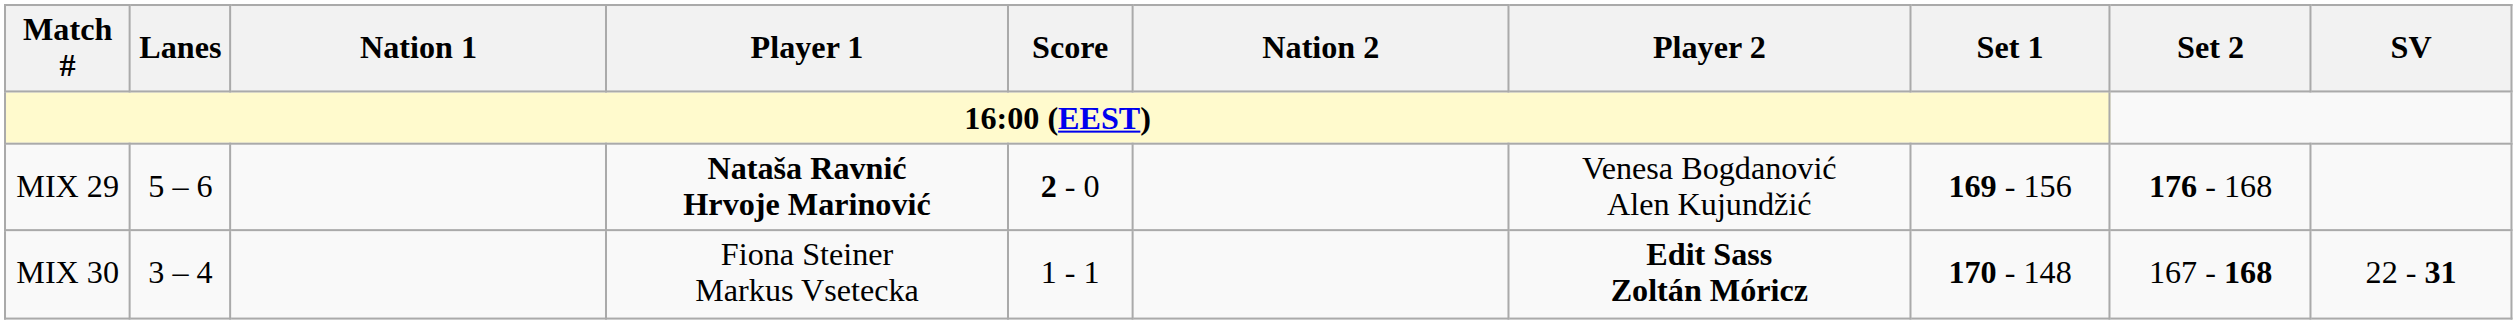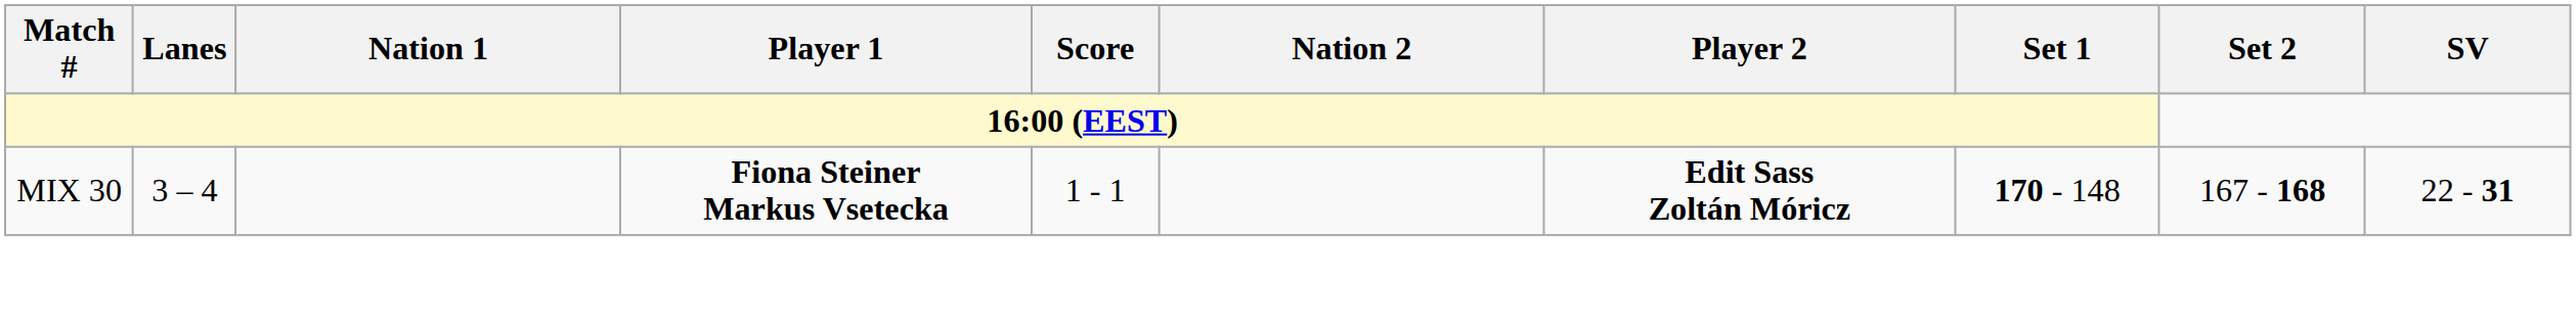 <table class="wikitable">
 <tr>
 <th width="5%">Match #</th>
 <th width="4%">Lanes</th>
 <th width="15%">Nation 1</th>
 <th width="16%">Player 1</th>
 <th width="5%">Score</th>
 <th width="15%">Nation 2</th>
 <th width="16%">Player 2</th>
 <th width="8%">Set 1</th>
 <th width="8%">Set 2</th>
 <th width="8%">SV</th>
 </tr>
 <tr>
 <td colspan="8" style="text-align:center; background-color:#FFFACD"><strong>16:00 (<a href='#'>EEST</a>)</strong></td>
 </tr>
 <tr style=text-align:center;"background:#;">
-<td>MIX 29</td>
-<td>5 – 6</td>
-<td></td>
-<td><strong>Nataša Ravnić <br> Hrvoje Marinović</strong></td>
-<td><strong>2</strong> - 0</td>
-<td></td>
-<td>Venesa Bogdanović <br> Alen Kujundžić</td>
-<td><strong>169</strong> - 156</td>
-<td><strong>176</strong> - 168</td>
-<td></td>
-</tr>
-<tr style=text-align:center;"background:#;">
 <td>MIX 30</td>
 <td>3 – 4</td>
 <td></td>
-<td>Fiona Steiner <br> Markus Vsetecka</td>
+<td><strong>Fiona Steiner <br> Markus Vsetecka</strong></td>
 <td>1 - 1</td>
 <td></td>
 <td><strong>Edit Sass <br> Zoltán Móricz</strong></td>
 <td><strong>170</strong> - 148</td>
 <td>167 - <strong>168</strong></td>
 <td>22 - <strong>31</strong></td>
 </tr>
 </table>
